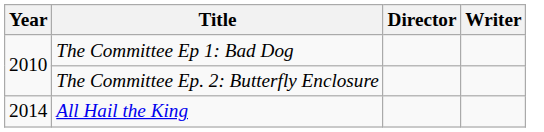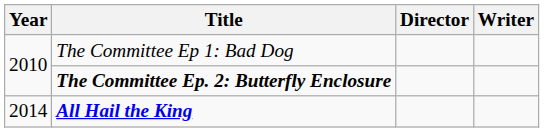 <table class="wikitable">
 <tr>
 <th>Year</th>
 <th>Title</th>
 <th>Director</th>
 <th>Writer</th>
 </tr>
 <tr>
 <td rowspan=2>2010</td>
 <td><em>The Committee Ep 1: Bad Dog</em></td>
 <td></td>
 <td></td>
 </tr>
 <tr>
-<td><em>The Committee Ep. 2: Butterfly Enclosure</em></td>
+<td><strong><em>The Committee Ep. 2: Butterfly Enclosure</em></strong></td>
 <td></td>
 <td></td>
 </tr>
 <tr>
 <td>2014</td>
-<td><em><a href='#'>All Hail the King</a></em></td>
+<td><strong><em><a href='#'>All Hail the King</a></em></strong></td>
 <td></td>
 <td></td>
 </tr>
 </table>
